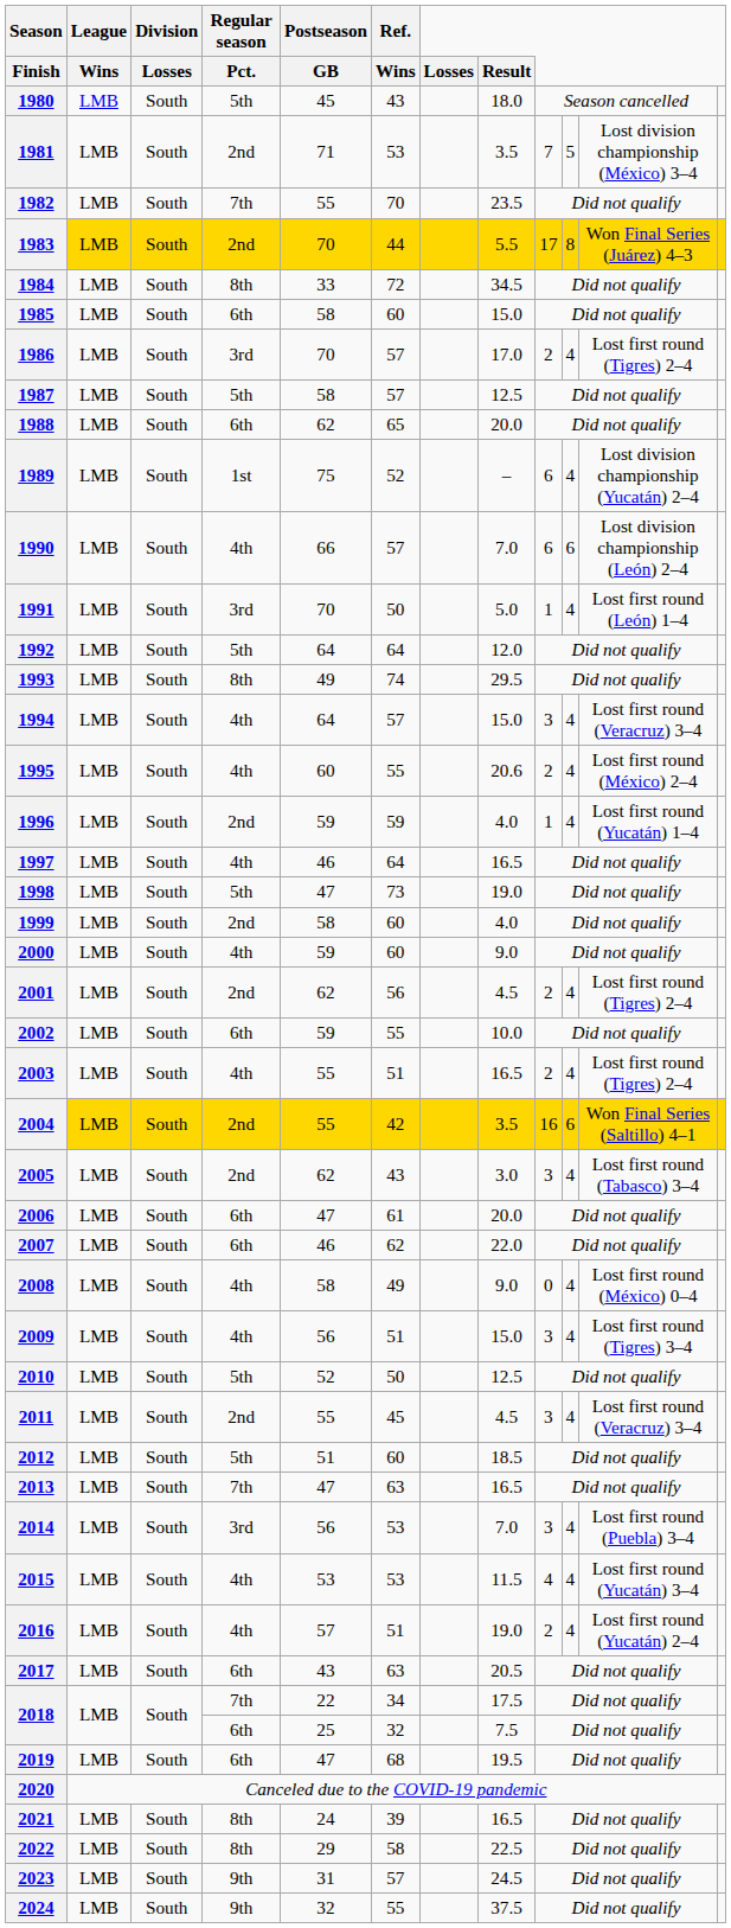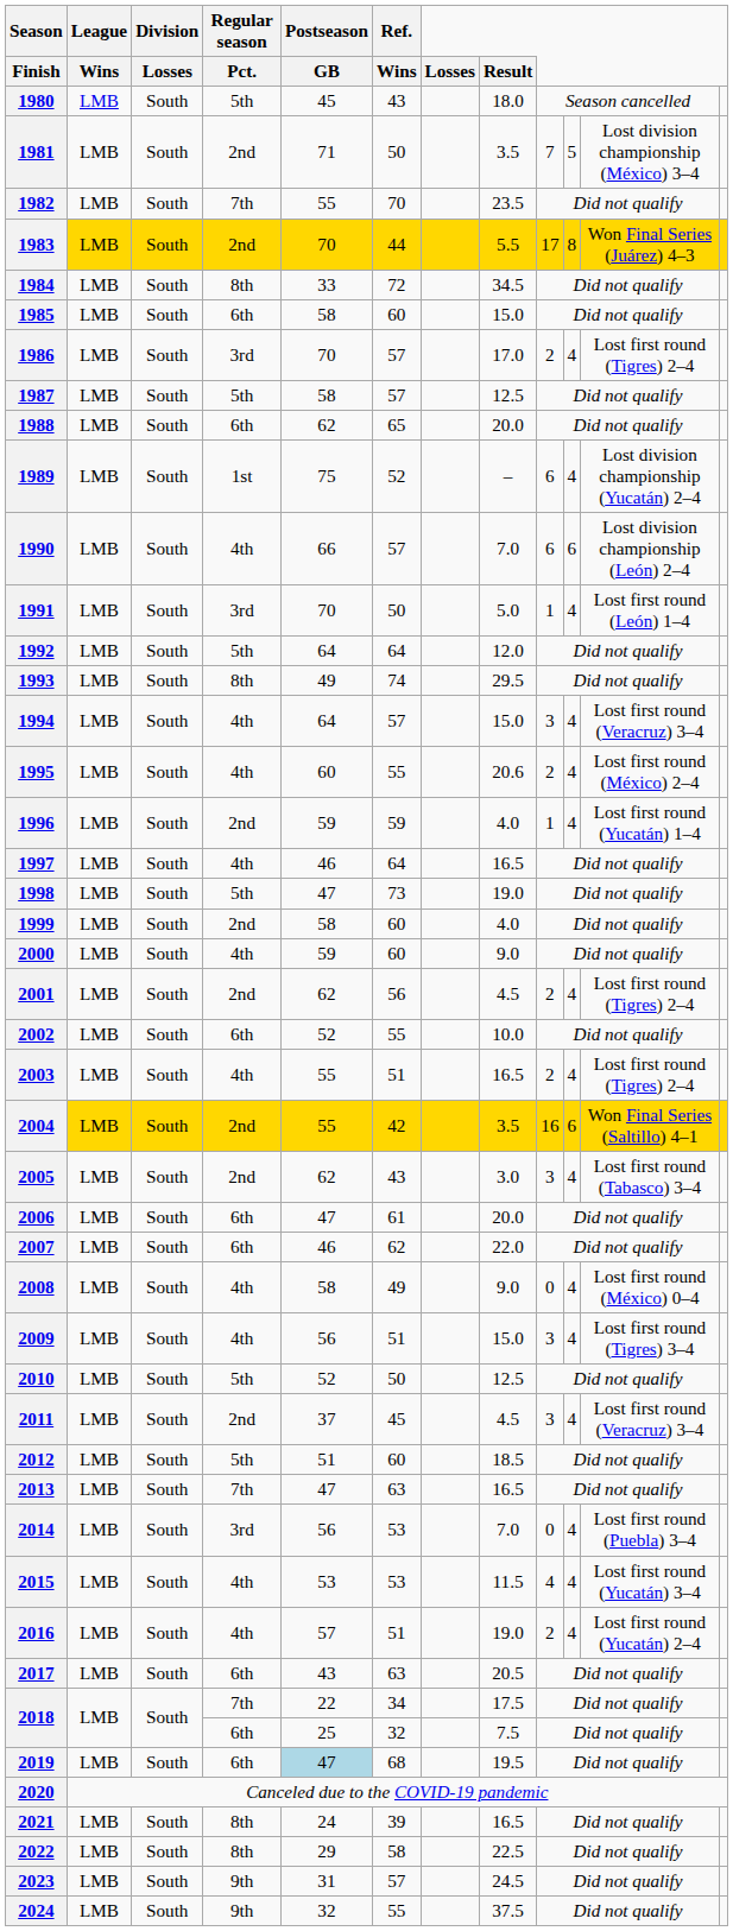 <table class="wikitable plainrowheaders sortable" style="text-align:center; font-size:95%">
 <tr>
 <th scope="col">Season</th>
 <th scope="col" class="unsortable">League</th>
 <th scope="col" class="unsortable">Division</th>
 <th scope="col" class="unsortable">Regular season</th>
 <th scope="col" class="unsortable">Postseason</th>
 <th scope="col" class="unsortable">Ref.</th>
 </tr>
 <tr>
 <th scope="col">Finish</th>
 <th scope="col">Wins</th>
 <th scope="col">Losses</th>
 <th scope="col">Pct.</th>
 <th scope="col" data-sort-type="number">GB</th>
 <th scope="col">Wins</th>
 <th scope="col">Losses</th>
 <th scope="col">Result</th>
 </tr>
 <tr>
 <th scope="row" style="text-align:center;"><a href='#'>1980</a></th>
 <td><a href='#'>LMB</a></td>
 <td>South</td>
 <td>5th</td>
 <td>45</td>
 <td>43</td>
 <td></td>
 <td>18.0</td>
 <td colspan=3><em>Season cancelled</em></td>
 <td></td>
 </tr>
 <tr>
 <th scope="row" style="text-align:center;"><a href='#'>1981</a></th>
 <td>LMB</td>
 <td>South</td>
 <td>2nd</td>
 <td>71</td>
-<td>53</td>
+<td>50</td>
 <td></td>
 <td>3.5</td>
 <td>7</td>
 <td>5</td>
 <td>Lost division championship (<a href='#'>México</a>) 3–4</td>
 <td></td>
 </tr>
 <tr>
 <th scope="row" style="text-align:center;"><a href='#'>1982</a></th>
 <td>LMB</td>
 <td>South</td>
 <td>7th</td>
 <td>55</td>
 <td>70</td>
 <td></td>
 <td>23.5</td>
 <td colspan=3><em>Did not qualify</em></td>
 <td></td>
 </tr>
 <tr bgcolor=gold>
 <th scope="row" style="text-align:center;"><a href='#'>1983</a></th>
 <td>LMB</td>
 <td>South</td>
 <td>2nd</td>
 <td>70</td>
 <td>44</td>
 <td></td>
 <td>5.5</td>
 <td>17</td>
 <td>8</td>
 <td>Won <a href='#'>Final Series</a> (<a href='#'>Juárez</a>) 4–3</td>
 <td></td>
 </tr>
 <tr>
 <th scope="row" style="text-align:center;"><a href='#'>1984</a></th>
 <td>LMB</td>
 <td>South</td>
 <td>8th</td>
 <td>33</td>
 <td>72</td>
 <td></td>
 <td>34.5</td>
 <td colspan=3><em>Did not qualify</em></td>
 <td></td>
 </tr>
 <tr>
 <th scope="row" style="text-align:center;"><a href='#'>1985</a></th>
 <td>LMB</td>
 <td>South</td>
 <td>6th</td>
 <td>58</td>
 <td>60</td>
 <td></td>
 <td>15.0</td>
 <td colspan=3><em>Did not qualify</em></td>
 <td></td>
 </tr>
 <tr>
 <th scope="row" style="text-align:center;"><a href='#'>1986</a></th>
 <td>LMB</td>
 <td>South</td>
 <td>3rd</td>
 <td>70</td>
 <td>57</td>
 <td></td>
 <td>17.0</td>
 <td>2</td>
 <td>4</td>
 <td>Lost first round (<a href='#'>Tigres</a>) 2–4</td>
 <td></td>
 </tr>
 <tr>
 <th scope="row" style="text-align:center;"><a href='#'>1987</a></th>
 <td>LMB</td>
 <td>South</td>
 <td>5th</td>
 <td>58</td>
 <td>57</td>
 <td></td>
 <td>12.5</td>
 <td colspan=3><em>Did not qualify</em></td>
 <td></td>
 </tr>
 <tr>
 <th scope="row" style="text-align:center;"><a href='#'>1988</a></th>
 <td>LMB</td>
 <td>South</td>
 <td>6th</td>
 <td>62</td>
 <td>65</td>
 <td></td>
 <td>20.0</td>
 <td colspan=3><em>Did not qualify</em></td>
 <td></td>
 </tr>
 <tr>
 <th scope="row" style="text-align:center;"><a href='#'>1989</a></th>
 <td>LMB</td>
 <td>South</td>
 <td>1st</td>
 <td>75</td>
 <td>52</td>
 <td></td>
 <td>–</td>
 <td>6</td>
 <td>4</td>
 <td>Lost division championship (<a href='#'>Yucatán</a>) 2–4</td>
 <td></td>
 </tr>
 <tr>
 <th scope="row" style="text-align:center;"><a href='#'>1990</a></th>
 <td>LMB</td>
 <td>South</td>
 <td>4th</td>
 <td>66</td>
 <td>57</td>
 <td></td>
 <td>7.0</td>
 <td>6</td>
 <td>6</td>
 <td>Lost division championship (<a href='#'>León</a>) 2–4</td>
 <td></td>
 </tr>
 <tr>
 <th scope="row" style="text-align:center;"><a href='#'>1991</a></th>
 <td>LMB</td>
 <td>South</td>
 <td>3rd</td>
 <td>70</td>
 <td>50</td>
 <td></td>
 <td>5.0</td>
 <td>1</td>
 <td>4</td>
 <td>Lost first round (<a href='#'>León</a>) 1–4</td>
 <td></td>
 </tr>
 <tr>
 <th scope="row" style="text-align:center;"><a href='#'>1992</a></th>
 <td>LMB</td>
 <td>South</td>
 <td>5th</td>
 <td>64</td>
 <td>64</td>
 <td></td>
 <td>12.0</td>
 <td colspan=3><em>Did not qualify</em></td>
 <td></td>
 </tr>
 <tr>
 <th scope="row" style="text-align:center;"><a href='#'>1993</a></th>
 <td>LMB</td>
 <td>South</td>
 <td>8th</td>
 <td>49</td>
 <td>74</td>
 <td></td>
 <td>29.5</td>
 <td colspan=3><em>Did not qualify</em></td>
 <td></td>
 </tr>
 <tr>
 <th scope="row" style="text-align:center;"><a href='#'>1994</a></th>
 <td>LMB</td>
 <td>South</td>
 <td>4th</td>
 <td>64</td>
 <td>57</td>
 <td></td>
 <td>15.0</td>
 <td>3</td>
 <td>4</td>
 <td>Lost first round (<a href='#'>Veracruz</a>) 3–4</td>
 <td></td>
 </tr>
 <tr>
 <th scope="row" style="text-align:center;"><a href='#'>1995</a></th>
 <td>LMB</td>
 <td>South</td>
 <td>4th</td>
 <td>60</td>
 <td>55</td>
 <td></td>
 <td>20.6</td>
 <td>2</td>
 <td>4</td>
 <td>Lost first round (<a href='#'>México</a>) 2–4</td>
 <td></td>
 </tr>
 <tr>
 <th scope="row" style="text-align:center;"><a href='#'>1996</a></th>
 <td>LMB</td>
 <td>South</td>
 <td>2nd</td>
 <td>59</td>
 <td>59</td>
 <td></td>
 <td>4.0</td>
 <td>1</td>
 <td>4</td>
 <td>Lost first round (<a href='#'>Yucatán</a>) 1–4</td>
 <td></td>
 </tr>
 <tr>
 <th scope="row" style="text-align:center;"><a href='#'>1997</a></th>
 <td>LMB</td>
 <td>South</td>
 <td>4th</td>
 <td>46</td>
 <td>64</td>
 <td></td>
 <td>16.5</td>
 <td colspan=3><em>Did not qualify</em></td>
 <td></td>
 </tr>
 <tr>
 <th scope="row" style="text-align:center;"><a href='#'>1998</a></th>
 <td>LMB</td>
 <td>South</td>
 <td>5th</td>
 <td>47</td>
 <td>73</td>
 <td></td>
 <td>19.0</td>
 <td colspan=3><em>Did not qualify</em></td>
 <td></td>
 </tr>
 <tr>
 <th scope="row" style="text-align:center;"><a href='#'>1999</a></th>
 <td>LMB</td>
 <td>South</td>
 <td>2nd</td>
 <td>58</td>
 <td>60</td>
 <td></td>
 <td>4.0</td>
 <td colspan=3><em>Did not qualify</em></td>
 <td></td>
 </tr>
 <tr>
 <th scope="row" style="text-align:center;"><a href='#'>2000</a></th>
 <td>LMB</td>
 <td>South</td>
 <td>4th</td>
 <td>59</td>
 <td>60</td>
 <td></td>
 <td>9.0</td>
 <td colspan=3><em>Did not qualify</em></td>
 <td></td>
 </tr>
 <tr>
 <th scope="row" style="text-align:center;"><a href='#'>2001</a></th>
 <td>LMB</td>
 <td>South</td>
 <td>2nd</td>
 <td>62</td>
 <td>56</td>
 <td></td>
 <td>4.5</td>
 <td>2</td>
 <td>4</td>
 <td>Lost first round (<a href='#'>Tigres</a>) 2–4</td>
 <td></td>
 </tr>
 <tr>
 <th scope="row" style="text-align:center;"><a href='#'>2002</a></th>
 <td>LMB</td>
 <td>South</td>
 <td>6th</td>
-<td>59</td>
+<td>52</td>
 <td>55</td>
 <td></td>
 <td>10.0</td>
 <td colspan=3><em>Did not qualify</em></td>
 <td></td>
 </tr>
 <tr>
 <th scope="row" style="text-align:center;"><a href='#'>2003</a></th>
 <td>LMB</td>
 <td>South</td>
 <td>4th</td>
 <td>55</td>
 <td>51</td>
 <td></td>
 <td>16.5</td>
 <td>2</td>
 <td>4</td>
 <td>Lost first round (<a href='#'>Tigres</a>) 2–4</td>
 <td></td>
 </tr>
 <tr bgcolor=gold>
 <th scope="row" style="text-align:center;"><a href='#'>2004</a></th>
 <td>LMB</td>
 <td>South</td>
 <td>2nd</td>
 <td>55</td>
 <td>42</td>
 <td></td>
 <td>3.5</td>
 <td>16</td>
 <td>6</td>
 <td>Won <a href='#'>Final Series</a> (<a href='#'>Saltillo</a>) 4–1</td>
 <td></td>
 </tr>
 <tr>
 <th scope="row" style="text-align:center;"><a href='#'>2005</a></th>
 <td>LMB</td>
 <td>South</td>
 <td>2nd</td>
 <td>62</td>
 <td>43</td>
 <td></td>
 <td>3.0</td>
 <td>3</td>
 <td>4</td>
 <td>Lost first round (<a href='#'>Tabasco</a>) 3–4</td>
 <td></td>
 </tr>
 <tr>
 <th scope="row" style="text-align:center;"><a href='#'>2006</a></th>
 <td>LMB</td>
 <td>South</td>
 <td>6th</td>
 <td>47</td>
 <td>61</td>
 <td></td>
 <td>20.0</td>
 <td colspan=3><em>Did not qualify</em></td>
 <td></td>
 </tr>
 <tr>
 <th scope="row" style="text-align:center;"><a href='#'>2007</a></th>
 <td>LMB</td>
 <td>South</td>
 <td>6th</td>
 <td>46</td>
 <td>62</td>
 <td></td>
 <td>22.0</td>
 <td colspan=3><em>Did not qualify</em></td>
 <td></td>
 </tr>
 <tr>
 <th scope="row" style="text-align:center;"><a href='#'>2008</a></th>
 <td>LMB</td>
 <td>South</td>
 <td>4th</td>
 <td>58</td>
 <td>49</td>
 <td></td>
 <td>9.0</td>
 <td>0</td>
 <td>4</td>
 <td>Lost first round (<a href='#'>México</a>) 0–4</td>
 <td></td>
 </tr>
 <tr>
 <th scope="row" style="text-align:center;"><a href='#'>2009</a></th>
 <td>LMB</td>
 <td>South</td>
 <td>4th</td>
 <td>56</td>
 <td>51</td>
 <td></td>
 <td>15.0</td>
 <td>3</td>
 <td>4</td>
 <td>Lost first round (<a href='#'>Tigres</a>) 3–4</td>
 <td></td>
 </tr>
 <tr>
 <th scope="row" style="text-align:center;"><a href='#'>2010</a></th>
 <td>LMB</td>
 <td>South</td>
 <td>5th</td>
 <td>52</td>
 <td>50</td>
 <td></td>
 <td>12.5</td>
 <td colspan=3><em>Did not qualify</em></td>
 <td></td>
 </tr>
 <tr>
 <th scope="row" style="text-align:center;"><a href='#'>2011</a></th>
 <td>LMB</td>
 <td>South</td>
 <td>2nd</td>
-<td>55</td>
+<td>37</td>
 <td>45</td>
 <td></td>
 <td>4.5</td>
 <td>3</td>
 <td>4</td>
 <td>Lost first round (<a href='#'>Veracruz</a>) 3–4</td>
 <td></td>
 </tr>
 <tr>
 <th scope="row" style="text-align:center;"><a href='#'>2012</a></th>
 <td>LMB</td>
 <td>South</td>
 <td>5th</td>
 <td>51</td>
 <td>60</td>
 <td></td>
 <td>18.5</td>
 <td colspan=3><em>Did not qualify</em></td>
 <td></td>
 </tr>
 <tr>
 <th scope="row" style="text-align:center;"><a href='#'>2013</a></th>
 <td>LMB</td>
 <td>South</td>
 <td>7th</td>
 <td>47</td>
 <td>63</td>
 <td></td>
 <td>16.5</td>
 <td colspan=3><em>Did not qualify</em></td>
 <td></td>
 </tr>
 <tr>
 <th scope="row" style="text-align:center;"><a href='#'>2014</a></th>
 <td>LMB</td>
 <td>South</td>
 <td>3rd</td>
 <td>56</td>
 <td>53</td>
 <td></td>
 <td>7.0</td>
-<td>3</td>
+<td>0</td>
 <td>4</td>
 <td>Lost first round (<a href='#'>Puebla</a>) 3–4</td>
 <td></td>
 </tr>
 <tr>
 <th scope="row" style="text-align:center;"><a href='#'>2015</a></th>
 <td>LMB</td>
 <td>South</td>
 <td>4th</td>
 <td>53</td>
 <td>53</td>
 <td></td>
 <td>11.5</td>
 <td>4</td>
 <td>4</td>
 <td>Lost first round (<a href='#'>Yucatán</a>) 3–4</td>
 <td></td>
 </tr>
 <tr>
 <th scope="row" style="text-align:center;"><a href='#'>2016</a></th>
 <td>LMB</td>
 <td>South</td>
 <td>4th</td>
 <td>57</td>
 <td>51</td>
 <td></td>
 <td>19.0</td>
 <td>2</td>
 <td>4</td>
 <td>Lost first round (<a href='#'>Yucatán</a>) 2–4</td>
 <td></td>
 </tr>
 <tr>
 <th scope="row" style="text-align:center;"><a href='#'>2017</a></th>
 <td>LMB</td>
 <td>South</td>
 <td>6th</td>
 <td>43</td>
 <td>63</td>
 <td></td>
 <td>20.5</td>
 <td colspan=3><em>Did not qualify</em></td>
 <td></td>
 </tr>
 <tr>
 <th scope="row" style="text-align:center;" rowspan=2><a href='#'>2018</a></th>
 <td rowspan=2>LMB</td>
 <td rowspan=2>South</td>
 <td>7th</td>
 <td>22</td>
 <td>34</td>
 <td></td>
 <td>17.5</td>
 <td colspan=3><em>Did not qualify</em></td>
 <td></td>
 </tr>
 <tr>
 <td>6th</td>
 <td>25</td>
 <td>32</td>
 <td></td>
 <td>7.5</td>
 <td colspan=3><em>Did not qualify</em></td>
 <td></td>
 </tr>
 <tr>
 <th scope="row" style="text-align:center;"><a href='#'>2019</a></th>
 <td>LMB</td>
 <td>South</td>
 <td>6th</td>
-<td>47</td>
+<td style="background: lightblue;">47</td>
 <td>68</td>
 <td></td>
 <td>19.5</td>
 <td colspan=3><em>Did not qualify</em></td>
 <td></td>
 </tr>
 <tr>
 <th scope="row" style="text-align:center;"><a href='#'>2020</a></th>
 <td colspan=11><em>Canceled due to the <a href='#'>COVID-19 pandemic</a></em></td>
 </tr>
 <tr>
 <th scope="row" style="text-align:center;"><a href='#'>2021</a></th>
 <td>LMB</td>
 <td>South</td>
 <td>8th</td>
 <td>24</td>
 <td>39</td>
 <td></td>
 <td>16.5</td>
 <td colspan=3><em>Did not qualify</em></td>
 <td></td>
 </tr>
 <tr>
 <th scope="row" style="text-align:center;"><a href='#'>2022</a></th>
 <td>LMB</td>
 <td>South</td>
 <td>8th</td>
 <td>29</td>
 <td>58</td>
 <td></td>
 <td>22.5</td>
 <td colspan=3><em>Did not qualify</em></td>
 <td></td>
 </tr>
 <tr>
 <th scope="row" style="text-align:center;"><a href='#'>2023</a></th>
 <td>LMB</td>
 <td>South</td>
 <td>9th</td>
 <td>31</td>
 <td>57</td>
 <td></td>
 <td>24.5</td>
 <td colspan=3><em>Did not qualify</em></td>
 <td></td>
 </tr>
 <tr>
 <th scope="row" style="text-align:center;"><a href='#'>2024</a></th>
 <td>LMB</td>
 <td>South</td>
 <td>9th</td>
 <td>32</td>
 <td>55</td>
 <td></td>
 <td>37.5</td>
 <td colspan=3><em>Did not qualify</em></td>
 <td></td>
 </tr>
 <tr>
 </tr>
 </table>
